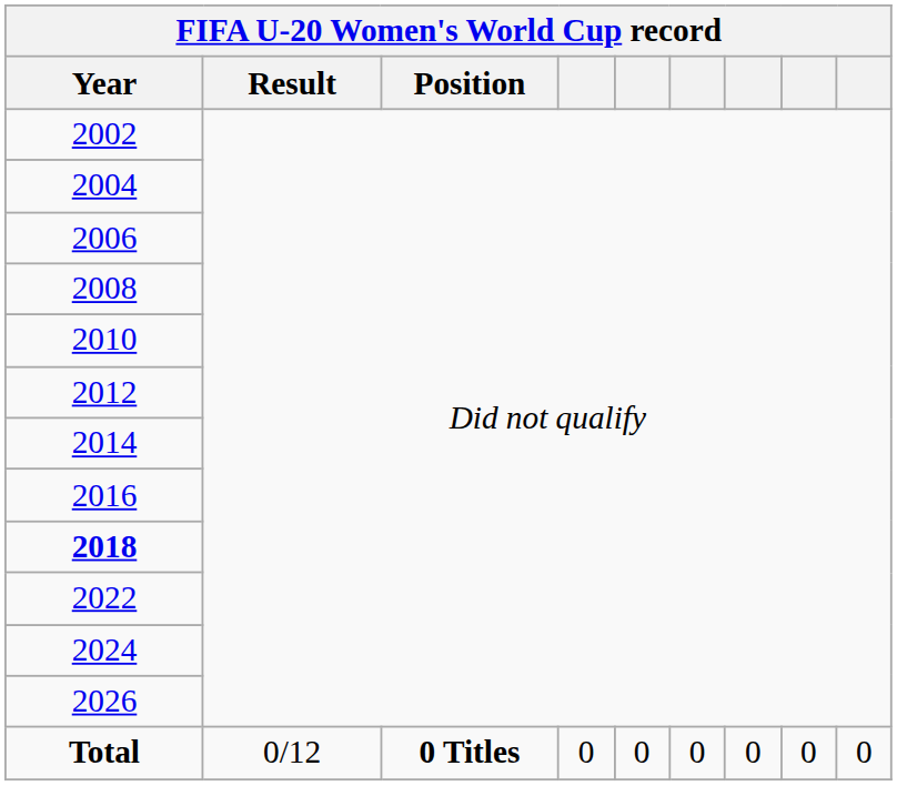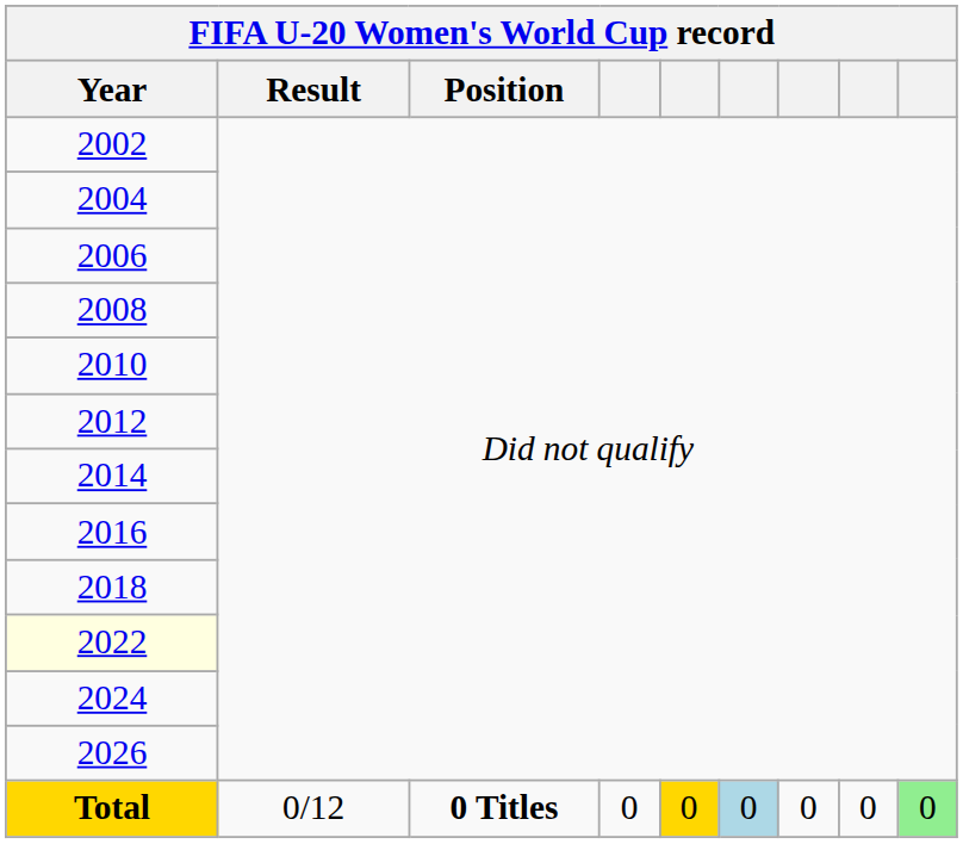 <table class="wikitable" style="text-align: center;">
 <tr>
 <th colspan="12"><a href='#'>FIFA U-20 Women's World Cup</a> record</th>
 </tr>
 <tr>
 <th width="90">Year</th>
 <th width="80">Result</th>
 <th width="80">Position</th>
 <th width="20"></th>
 <th width="20"></th>
 <th width="20"></th>
 <th width="20"></th>
 <th width="20"></th>
 <th width="20"></th>
 </tr>
 <tr>
 <td> <a href='#'>2002</a></td>
 <td rowspan=12 colspan=8><em>Did not qualify</em></td>
 </tr>
 <tr>
 <td> <a href='#'>2004</a></td>
 </tr>
 <tr>
 <td> <a href='#'>2006</a></td>
 </tr>
 <tr>
 <td> <a href='#'>2008</a></td>
 </tr>
 <tr>
 <td> <a href='#'>2010</a></td>
 </tr>
 <tr>
 <td> <a href='#'>2012</a></td>
 </tr>
 <tr>
 <td> <a href='#'>2014</a></td>
 </tr>
 <tr>
 <td> <a href='#'>2016</a></td>
 </tr>
 <tr>
-<td><strong> <a href='#'>2018</a></strong></td>
+<td> <a href='#'>2018</a></td>
 </tr>
 <tr>
-<td> <a href='#'>2022</a></td>
+<td style="background: lightyellow;"> <a href='#'>2022</a></td>
 </tr>
 <tr>
 <td> <a href='#'>2024</a></td>
 </tr>
 <tr>
 <td> <a href='#'>2026</a></td>
 </tr>
 <tr>
-<td><strong>Total</strong></td>
+<td style="background: gold;"><strong>Total</strong></td>
 <td>0/12</td>
 <td><strong>0 Titles</strong></td>
 <td>0</td>
+<td style="background: gold;">0</td>
+<td style="background: lightblue;">0</td>
 <td>0</td>
 <td>0</td>
-<td>0</td>
-<td>0</td>
-<td>0</td>
+<td style="background: lightgreen;">0</td>
 </tr>
 </table>
